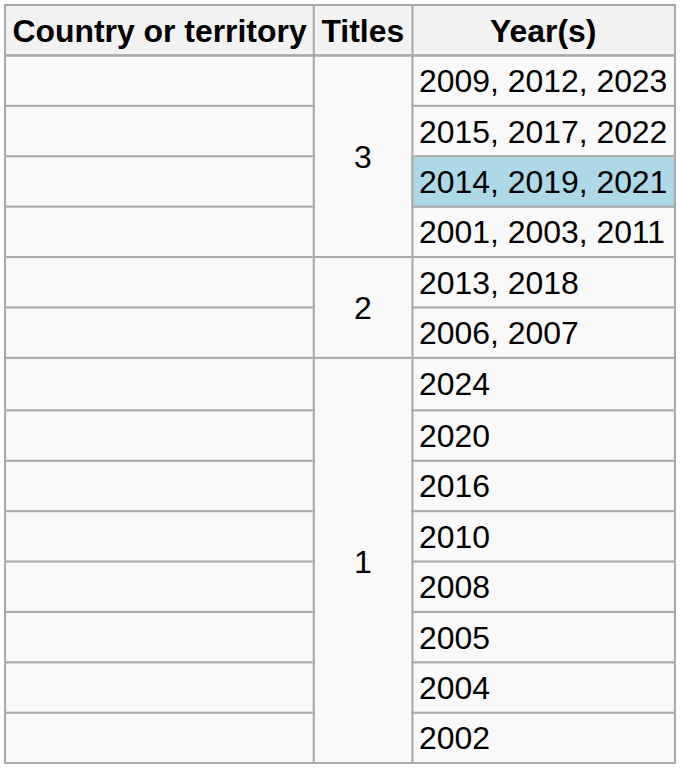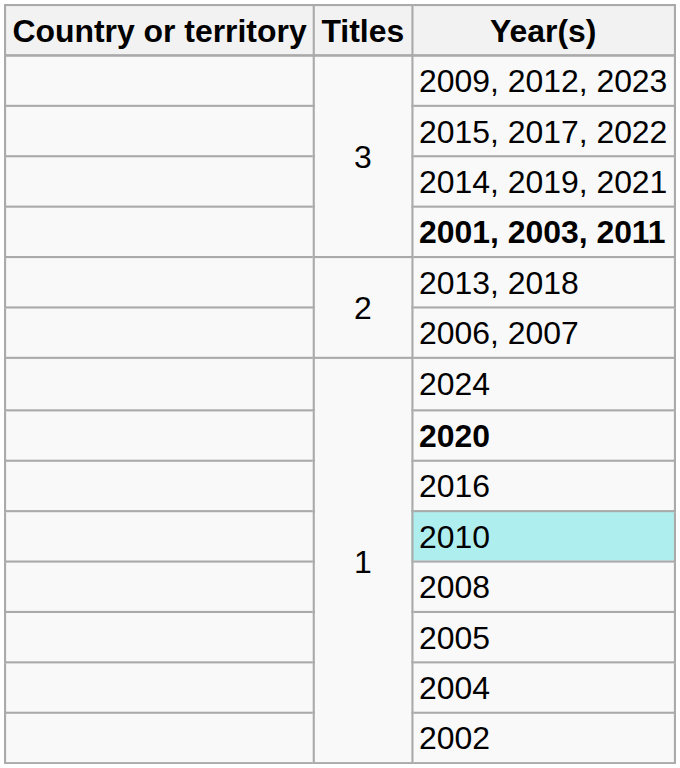 <table class="wikitable sortable" style="font-size: 95%;">
 <tr>
 <th>Country or territory</th>
 <th>Titles</th>
 <th>Year(s)</th>
 </tr>
 <tr>
 </tr>
 <tr>
 <td></td>
 <td rowspan="4" style="text-align:center;">3</td>
 <td>2009, 2012, 2023</td>
 </tr>
 <tr>
 <td></td>
 <td>2015, 2017, 2022</td>
 </tr>
 <tr>
 <td></td>
-<td style="background: lightblue;">2014, 2019, 2021</td>
+<td>2014, 2019, 2021</td>
 </tr>
 <tr>
 <td></td>
-<td>2001, 2003, 2011</td>
+<td><strong>2001, 2003, 2011</strong></td>
 </tr>
 <tr>
 <td></td>
 <td rowspan="2" style="text-align:center;">2</td>
 <td>2013, 2018</td>
 </tr>
 <tr>
 <td></td>
 <td>2006, 2007</td>
 </tr>
 <tr>
 <td></td>
 <td rowspan="8" style="text-align:center;">1</td>
 <td>2024</td>
 </tr>
 <tr>
 <td></td>
-<td>2020</td>
+<td><strong>2020</strong></td>
 </tr>
 <tr>
 <td></td>
 <td>2016</td>
 </tr>
 <tr>
 <td></td>
-<td>2010</td>
+<td style="background: paleturquoise;">2010</td>
 </tr>
 <tr>
 <td></td>
 <td>2008</td>
 </tr>
 <tr>
 <td></td>
 <td>2005</td>
 </tr>
 <tr>
 <td></td>
 <td>2004</td>
 </tr>
 <tr>
 <td></td>
 <td>2002</td>
 </tr>
 </table>
